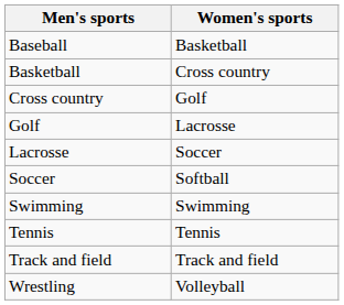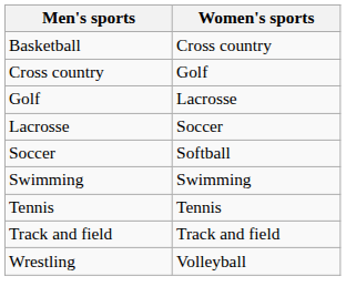 <table class="wikitable"; style= "text-align: ">
 <tr>
 <th width=150px>Men's sports</th>
 <th width=150px>Women's sports</th>
-</tr>
-<tr>
-<td>Baseball</td>
-<td>Basketball</td>
 </tr>
 <tr>
 <td>Basketball</td>
 <td>Cross country</td>
 </tr>
 <tr>
 <td>Cross country</td>
 <td>Golf</td>
 </tr>
 <tr>
 <td>Golf</td>
 <td>Lacrosse</td>
 </tr>
 <tr>
 <td>Lacrosse</td>
 <td>Soccer</td>
 </tr>
 <tr>
 <td>Soccer</td>
 <td>Softball</td>
 </tr>
 <tr>
 <td>Swimming</td>
 <td>Swimming</td>
 </tr>
 <tr>
 <td>Tennis</td>
 <td>Tennis</td>
 </tr>
 <tr>
 <td>Track and field</td>
 <td>Track and field</td>
 </tr>
 <tr>
 <td>Wrestling</td>
 <td>Volleyball</td>
 </tr>
 </table>
